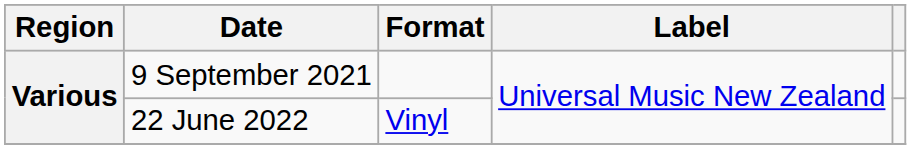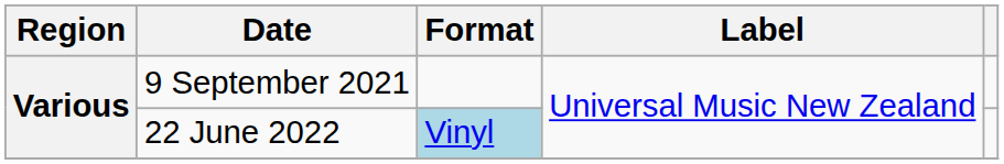 <table class="wikitable plainrowheaders">
 <tr>
 <th scope="col">Region</th>
 <th scope="col">Date</th>
 <th scope="col">Format</th>
 <th scope="col">Label</th>
 <th scope="col"></th>
 </tr>
 <tr>
 <th scope="row" rowspan="2">Various</th>
 <td>9 September 2021</td>
 <td></td>
 <td rowspan="2"><a href='#'>Universal Music New Zealand</a></td>
 <td align="center"></td>
 </tr>
 <tr>
 <td>22 June 2022</td>
-<td><a href='#'>Vinyl</a></td>
+<td style="background: lightblue;"><a href='#'>Vinyl</a></td>
 <td align="center"></td>
 </tr>
 <tr>
 </tr>
 </table>
